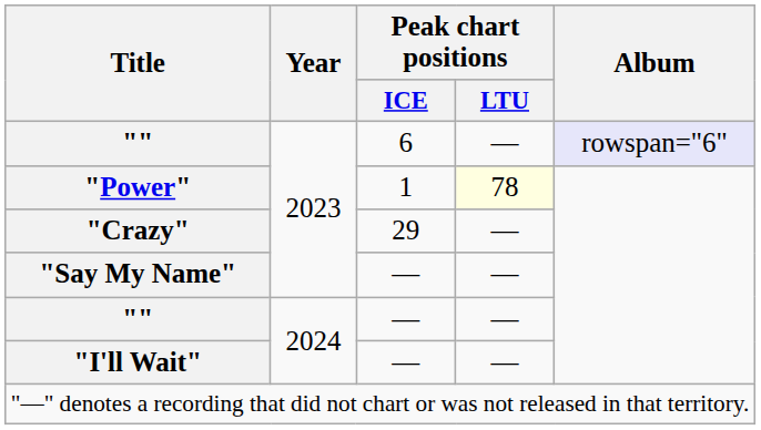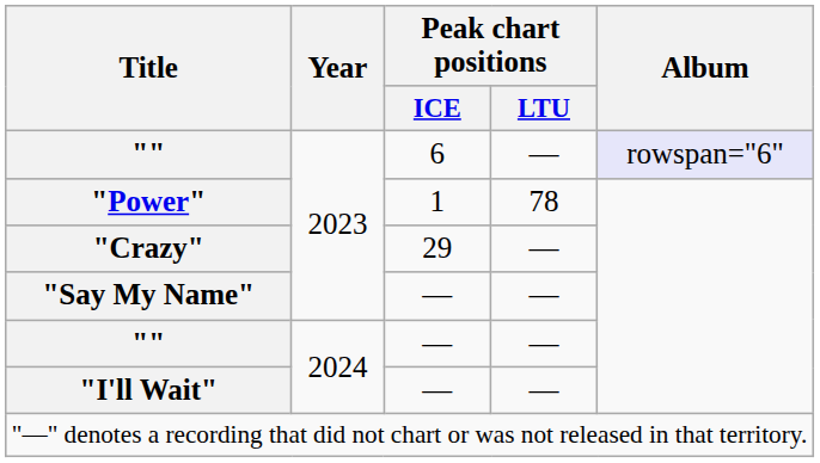 <table class="wikitable plainrowheaders" style="text-align:center">
 <tr>
 <th scope="col" rowspan="2">Title</th>
 <th scope="col" rowspan="2">Year</th>
 <th scope="col" colspan="2">Peak chart positions</th>
 <th scope="col" rowspan="2">Album</th>
 </tr>
 <tr>
 <th scope="col" style="width:3.5em;font-size:90%;"><a href='#'>ICE</a><br></th>
 <th scope="col" style="width:3.5em;font-size:90%;"><a href='#'>LTU</a><br></th>
 </tr>
 <tr>
 <th scope="row">""</th>
 <td rowspan="4">2023</td>
 <td>6</td>
 <td>—</td>
 <td style="background: lavender;">rowspan="6" </td>
 </tr>
 <tr>
 <th scope="row">"<a href='#'>Power</a>"</th>
 <td>1</td>
-<td style="background: lightyellow;">78</td>
+<td>78</td>
 </tr>
 <tr>
 <th scope="row">"Crazy"</th>
 <td>29</td>
 <td>—</td>
 </tr>
 <tr>
 <th scope="row">"Say My Name"</th>
 <td>—</td>
 <td>—</td>
 </tr>
 <tr>
 <th scope="row">""</th>
 <td rowspan="2">2024</td>
 <td>—</td>
 <td>—</td>
 </tr>
 <tr>
 <th scope="row">"I'll Wait"<br></th>
 <td>—</td>
 <td>—</td>
 </tr>
 <tr>
 <td colspan="5" style="font-size:85%">"—" denotes a recording that did not chart or was not released in that territory.</td>
 </tr>
 </table>
